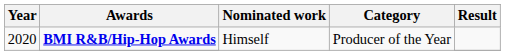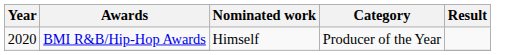 <table class="wikitable">
 <tr>
 <th>Year</th>
 <th>Awards</th>
 <th>Nominated work</th>
 <th>Category</th>
 <th>Result</th>
 </tr>
 <tr>
 <td rowspan="2">2020</td>
-<td><strong><a href='#'>BMI R&B/Hip-Hop Awards</a></strong></td>
+<td><a href='#'>BMI R&B/Hip-Hop Awards</a></td>
 <td rowspan="4">Himself</td>
 <td rowspan="3">Producer of the Year</td>
 <td></td>
 </tr>
 <tr>
 </tr>
 </table>
